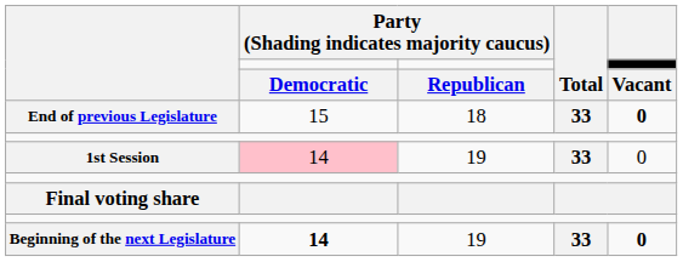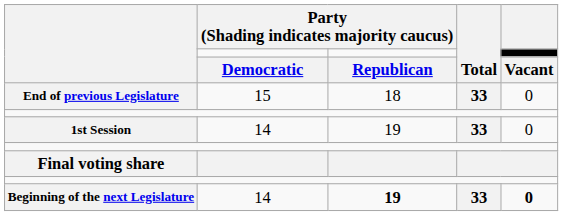 <table class=wikitable style="text-align:center">
 <tr style="vertical-align:bottom;">
 <th rowspan=3></th>
 <th colspan=2>Party <div>(Shading indicates majority caucus)</div></th>
 <th rowspan=3>Total</th>
 <th></th>
 </tr>
 <tr style="height:5px">
 <td style="background-color:"></td>
 <td style="background-color:"></td>
 <td style="background:black;"></td>
 </tr>
 <tr>
 <th><a href='#'>Democratic</a></th>
 <th><a href='#'>Republican</a></th>
 <th>Vacant</th>
 </tr>
 <tr>
 <th style="font-size:80%;">End of <a href='#'>previous Legislature</a></th>
 <td>15</td>
 <td>18</td>
 <th>33</th>
-<td><strong>0</strong></td>
+<td>0</td>
 </tr>
 <tr>
 <td colspan=6></td>
 </tr>
 <tr>
 <th style="font-size:80%;">1st Session</th>
-<td style="background: pink;">14</td>
+<td>14</td>
 <td>19</td>
 <th>33</th>
 <td>0</td>
 </tr>
 <tr>
 <td colspan=6></td>
 </tr>
 <tr>
 <th>Final voting share</th>
 <th></th>
 <th></th>
 <th colspan=2></th>
 </tr>
 <tr>
 <td colspan=6></td>
 </tr>
 <tr>
 <th style="font-size:80%;">Beginning of the <a href='#'>next Legislature</a></th>
-<td><strong>14</strong></td>
-<td>19</td>
+<td>14</td>
+<td><strong>19</strong></td>
 <th>33</th>
 <td><strong>0</strong></td>
 </tr>
 </table>
